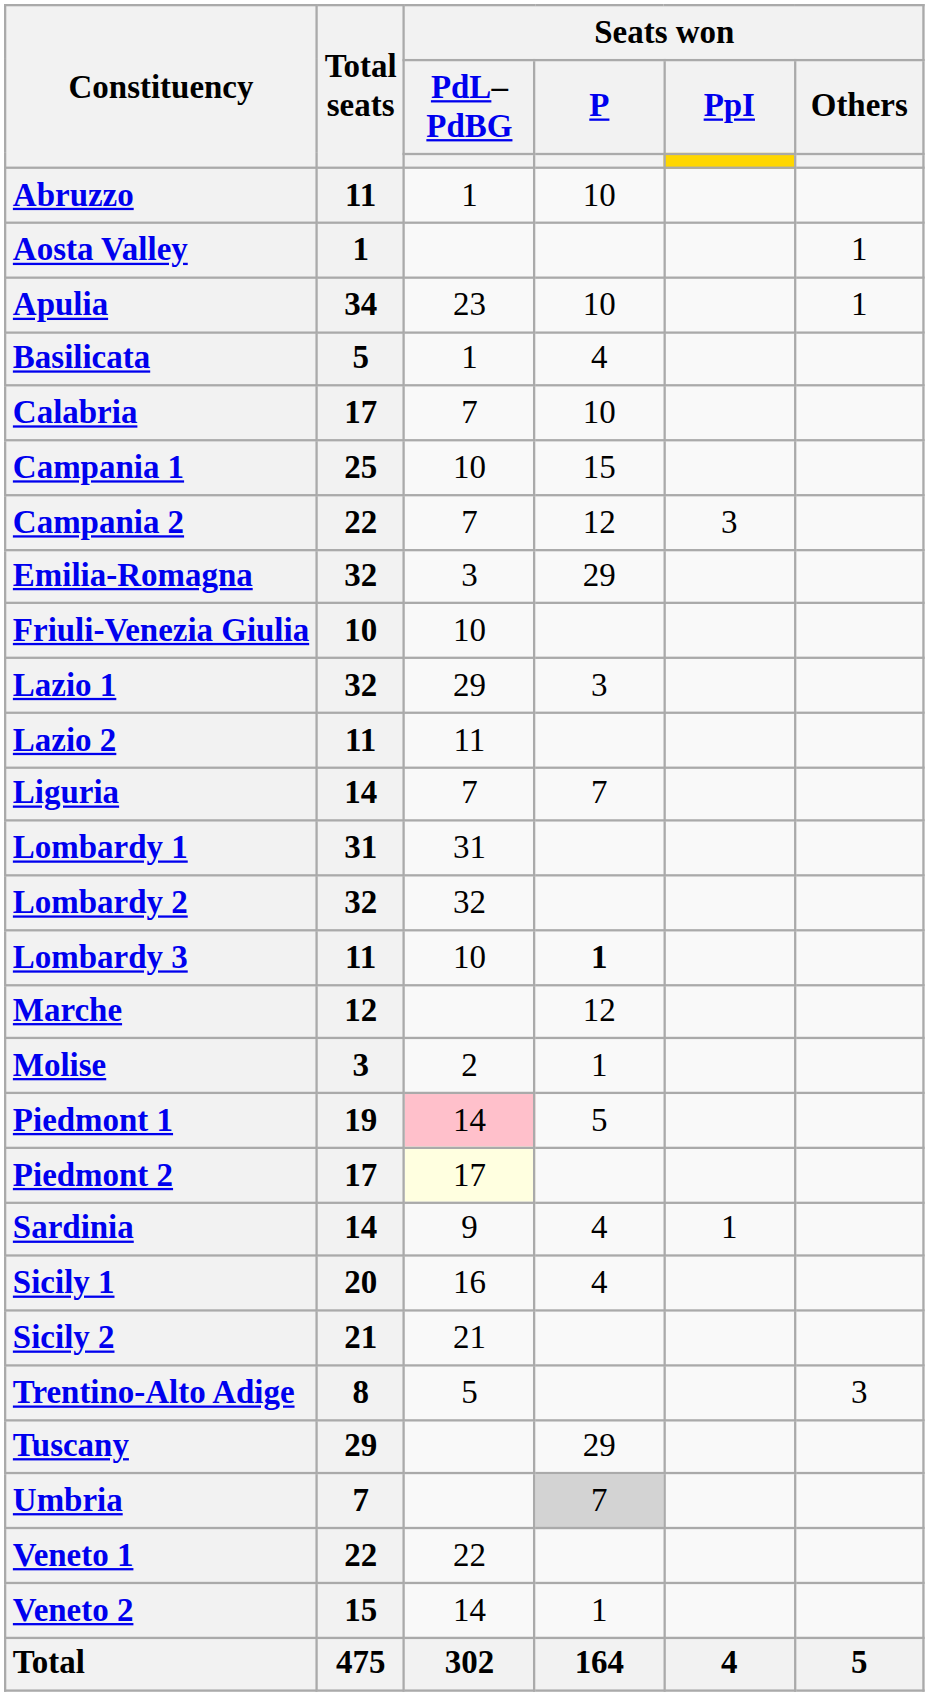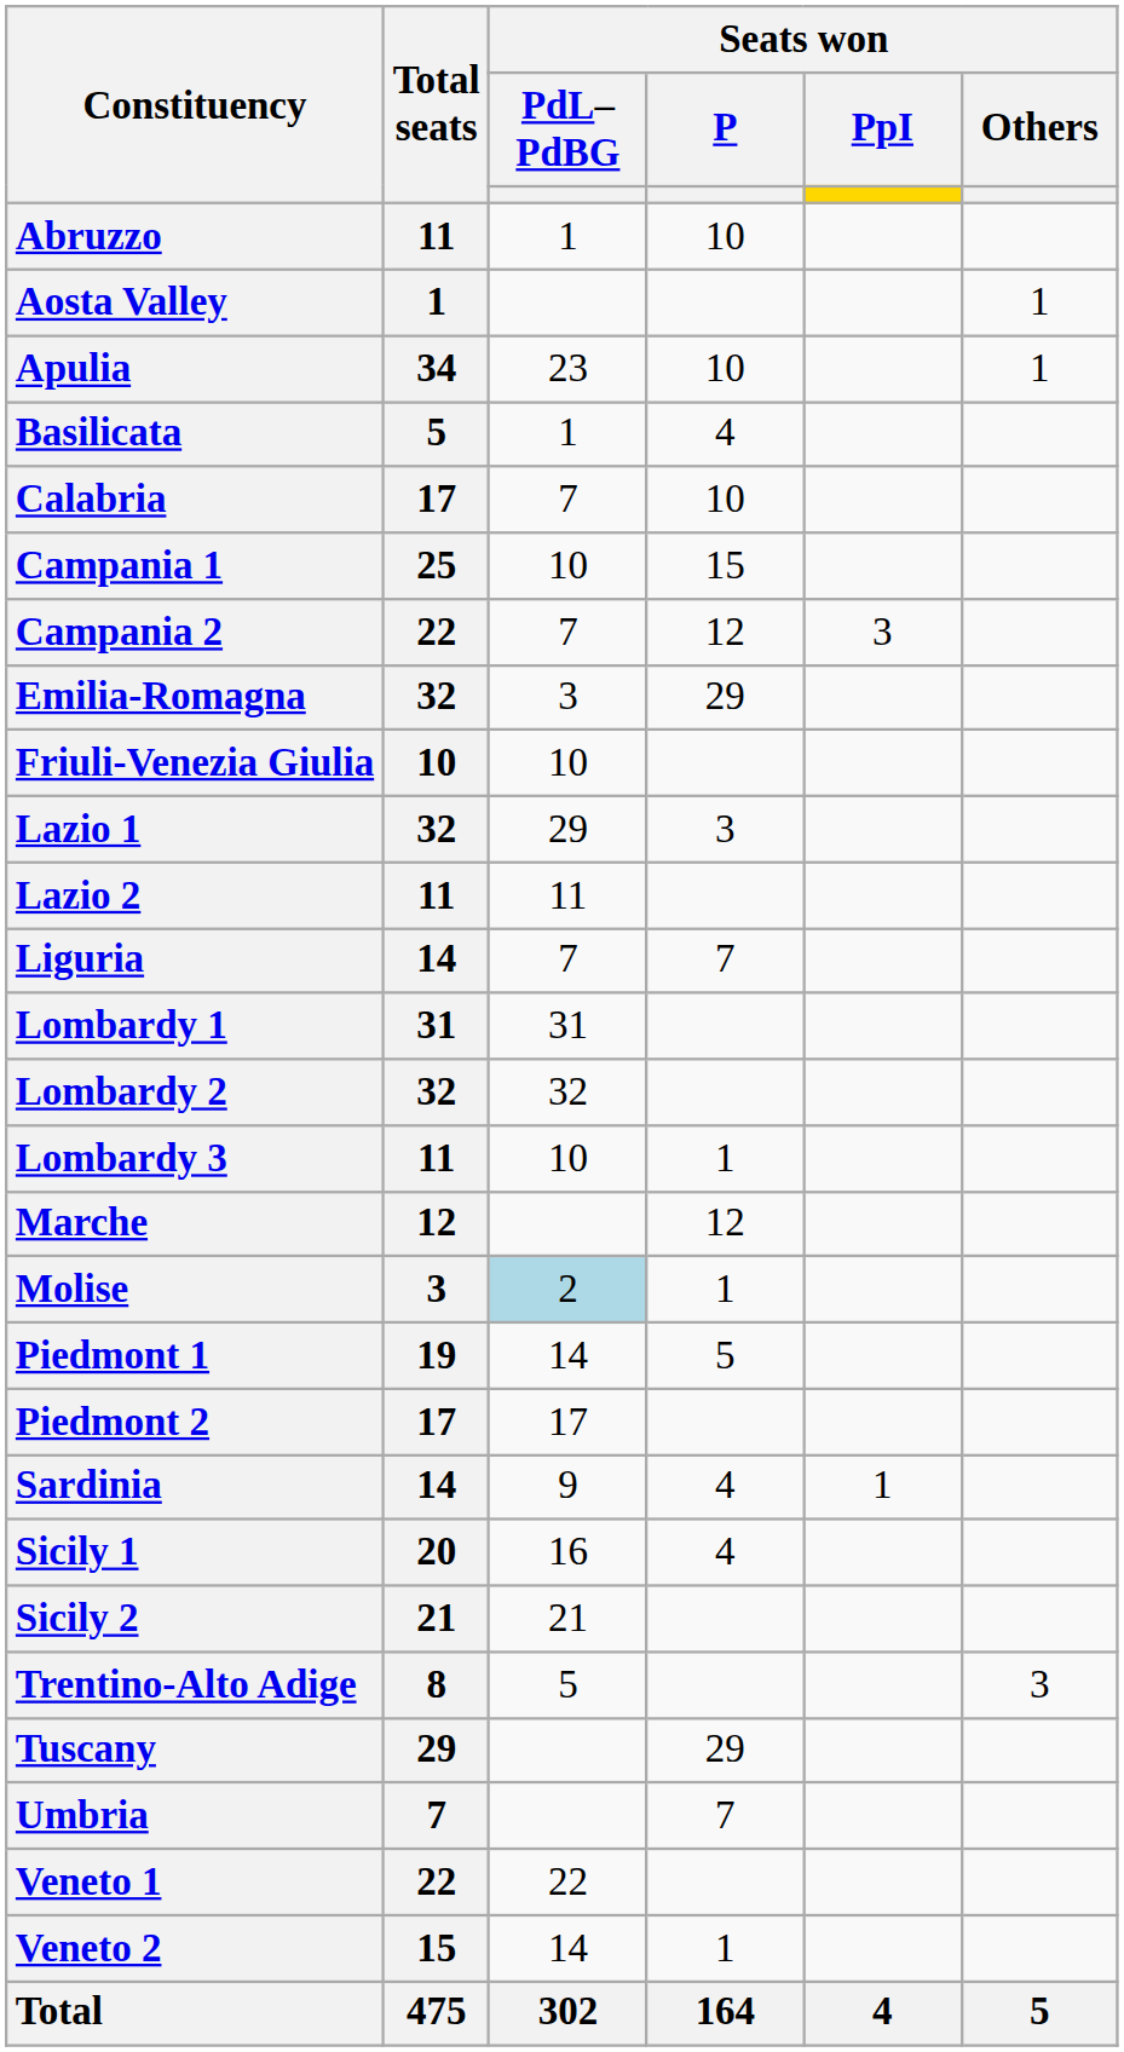 <table class="wikitable" style="text-align:center; font-size: 0.9em">
 <tr>
 <th rowspan="3">Constituency</th>
 <th rowspan="3">Total<br>seats</th>
 <th colspan="4">Seats won</th>
 </tr>
 <tr>
 <th class="unsortable" style="width:50px;"><a href='#'>PdL</a>–<a href='#'>PdBG</a></th>
 <th class="unsortable" style="width:50px;"><a href='#'>P</a></th>
 <th class="unsortable" style="width:50px;"><a href='#'>PpI</a></th>
 <th class="unsortable" style="width:50px;">Others</th>
 </tr>
 <tr>
 <th style="background:"></th>
 <th style="background:"></th>
 <th style="background:gold;"></th>
 <th style="background:"></th>
 </tr>
 <tr>
 <th style="text-align: left;"><a href='#'>Abruzzo</a></th>
 <th>11</th>
 <td>1</td>
 <td>10</td>
 <td></td>
 <td></td>
 </tr>
 <tr>
 <th style="text-align: left;"><a href='#'>Aosta Valley</a></th>
 <th>1</th>
 <td></td>
 <td></td>
 <td></td>
 <td>1</td>
 </tr>
 <tr>
 <th style="text-align: left;"><a href='#'>Apulia</a></th>
 <th>34</th>
 <td>23</td>
 <td>10</td>
 <td></td>
 <td>1</td>
 </tr>
 <tr>
 <th style="text-align: left;"><a href='#'>Basilicata</a></th>
 <th>5</th>
 <td>1</td>
 <td>4</td>
 <td></td>
 <td></td>
 </tr>
 <tr>
 <th style="text-align: left;"><a href='#'>Calabria</a></th>
 <th>17</th>
 <td>7</td>
 <td>10</td>
 <td></td>
 <td></td>
 </tr>
 <tr>
 <th style="text-align: left;"><a href='#'>Campania 1</a></th>
 <th>25</th>
 <td>10</td>
 <td>15</td>
 <td></td>
 <td></td>
 </tr>
 <tr>
 <th style="text-align: left;"><a href='#'>Campania 2</a></th>
 <th>22</th>
 <td>7</td>
 <td>12</td>
 <td>3</td>
 <td></td>
 </tr>
 <tr>
 <th style="text-align: left;"><a href='#'>Emilia-Romagna</a></th>
 <th>32</th>
 <td>3</td>
 <td>29</td>
 <td></td>
 <td></td>
 </tr>
 <tr>
 <th style="text-align: left;"><a href='#'>Friuli-Venezia Giulia</a></th>
 <th>10</th>
 <td>10</td>
 <td></td>
 <td></td>
 <td></td>
 </tr>
 <tr>
 <th style="text-align: left;"><a href='#'>Lazio 1</a></th>
 <th>32</th>
 <td>29</td>
 <td>3</td>
 <td></td>
 <td></td>
 </tr>
 <tr>
 <th style="text-align: left;"><a href='#'>Lazio 2</a></th>
 <th>11</th>
 <td>11</td>
 <td></td>
 <td></td>
 <td></td>
 </tr>
 <tr>
 <th style="text-align: left;"><a href='#'>Liguria</a></th>
 <th>14</th>
 <td>7</td>
 <td>7</td>
 <td></td>
 <td></td>
 </tr>
 <tr>
 <th style="text-align: left;"><a href='#'>Lombardy 1</a></th>
 <th>31</th>
 <td>31</td>
 <td></td>
 <td></td>
 <td></td>
 </tr>
 <tr>
 <th style="text-align: left;"><a href='#'>Lombardy 2</a></th>
 <th>32</th>
 <td>32</td>
 <td></td>
 <td></td>
 <td></td>
 </tr>
 <tr>
 <th style="text-align: left;"><a href='#'>Lombardy 3</a></th>
 <th>11</th>
 <td>10</td>
-<td><strong>1</strong></td>
+<td>1</td>
 <td></td>
 <td></td>
 </tr>
 <tr>
 <th style="text-align: left;"><a href='#'>Marche</a></th>
 <th>12</th>
 <td></td>
 <td>12</td>
 <td></td>
 <td></td>
 </tr>
 <tr>
 <th style="text-align: left;"><a href='#'>Molise</a></th>
 <th>3</th>
-<td>2</td>
+<td style="background: lightblue;">2</td>
 <td>1</td>
 <td></td>
 <td></td>
 </tr>
 <tr>
 <th style="text-align: left;"><a href='#'>Piedmont 1</a></th>
 <th>19</th>
-<td style="background: pink;">14</td>
+<td>14</td>
 <td>5</td>
 <td></td>
 <td></td>
 </tr>
 <tr>
 <th style="text-align: left;"><a href='#'>Piedmont 2</a></th>
 <th>17</th>
-<td style="background: lightyellow;">17</td>
+<td>17</td>
 <td></td>
 <td></td>
 <td></td>
 </tr>
 <tr>
 <th style="text-align: left;"><a href='#'>Sardinia</a></th>
 <th>14</th>
 <td>9</td>
 <td>4</td>
 <td>1</td>
 <td></td>
 </tr>
 <tr>
 <th style="text-align: left;"><a href='#'>Sicily 1</a></th>
 <th>20</th>
 <td>16</td>
 <td>4</td>
 <td></td>
 <td></td>
 </tr>
 <tr>
 <th style="text-align: left;"><a href='#'>Sicily 2</a></th>
 <th>21</th>
 <td>21</td>
 <td></td>
 <td></td>
 <td></td>
 </tr>
 <tr>
 <th style="text-align: left;"><a href='#'>Trentino-Alto Adige</a></th>
 <th>8</th>
 <td>5</td>
 <td></td>
 <td></td>
 <td>3</td>
 </tr>
 <tr>
 <th style="text-align: left;"><a href='#'>Tuscany</a></th>
 <th>29</th>
 <td></td>
 <td>29</td>
 <td></td>
 <td></td>
 </tr>
 <tr>
 <th style="text-align: left;"><a href='#'>Umbria</a></th>
 <th>7</th>
 <td></td>
-<td style="background: lightgrey;">7</td>
+<td>7</td>
 <td></td>
 <td></td>
 </tr>
 <tr>
 <th style="text-align: left;"><a href='#'>Veneto 1</a></th>
 <th>22</th>
 <td>22</td>
 <td></td>
 <td></td>
 <td></td>
 </tr>
 <tr>
 <th style="text-align: left;"><a href='#'>Veneto 2</a></th>
 <th>15</th>
 <td>14</td>
 <td>1</td>
 <td></td>
 <td></td>
 </tr>
 <tr>
 <th style="text-align: left;">Total</th>
 <th>475</th>
 <th>302</th>
 <th>164</th>
 <th>4</th>
 <th>5</th>
 </tr>
 </table>
